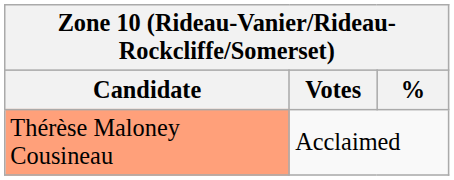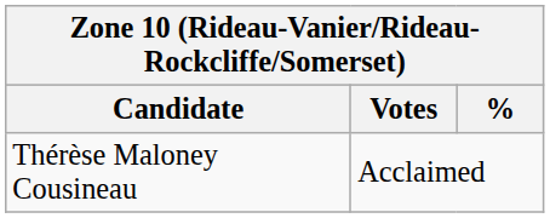 <table class="wikitable">
 <tr>
 <th colspan="3">Zone 10 (Rideau-Vanier/Rideau-Rockcliffe/Somerset)</th>
 </tr>
 <tr>
 <th style="width: 180px">Candidate</th>
 <th style="width: 50px">Votes</th>
 <th style="width: 40px">%</th>
 </tr>
 <tr>
-<td style="background: lightsalmon;">Thérèse Maloney Cousineau</td>
+<td>Thérèse Maloney Cousineau</td>
 <td colspan="2">Acclaimed</td>
 </tr>
 </table>
